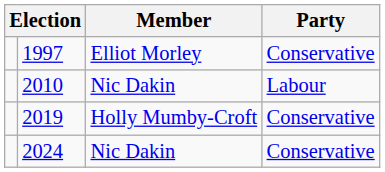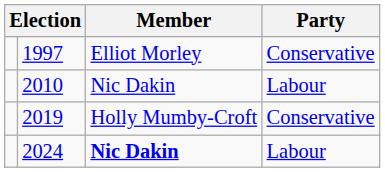 <table class="wikitable">
 <tr>
 <th colspan="2">Election</th>
 <th>Member</th>
 <th>Party</th>
 </tr>
 <tr>
 <td style="color:inherit;background-color: "></td>
 <td><a href='#'>1997</a></td>
 <td><a href='#'>Elliot Morley</a></td>
 <td><a href='#'>Conservative</a></td>
 </tr>
 <tr>
 <td style="color:inherit;background-color: "></td>
 <td><a href='#'>2010</a></td>
 <td><a href='#'>Nic Dakin</a></td>
 <td><a href='#'>Labour</a></td>
 </tr>
 <tr>
 <td style="color:inherit;background-color: "></td>
 <td><a href='#'>2019</a></td>
 <td><a href='#'>Holly Mumby-Croft</a></td>
 <td><a href='#'>Conservative</a></td>
 </tr>
 <tr>
 <td style="color:inherit;background-color: "></td>
 <td><a href='#'>2024</a></td>
-<td><a href='#'>Nic Dakin</a></td>
-<td><a href='#'>Conservative</a></td>
+<td><strong><a href='#'>Nic Dakin</a></strong></td>
+<td><a href='#'>Labour</a></td>
 </tr>
 </table>
